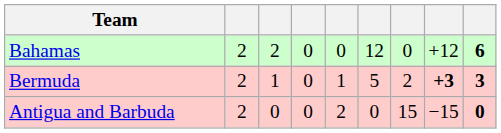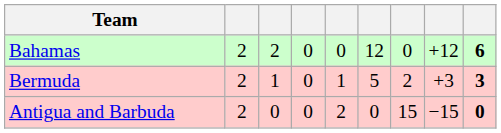 <table class="wikitable" style="text-align: center;">
 <tr>
 <th width="175">Team</th>
 <th width="20"></th>
 <th width="20"></th>
 <th width="20"></th>
 <th width="20"></th>
 <th width="20"></th>
 <th width="20"></th>
 <th width="20"></th>
 <th width="20"></th>
 </tr>
 <tr style="background:#ccffcc;">
 <td align=left> <a href='#'>Bahamas</a></td>
 <td>2</td>
 <td>2</td>
 <td>0</td>
 <td>0</td>
 <td>12</td>
 <td>0</td>
 <td>+12</td>
 <td><strong>6</strong></td>
 </tr>
 <tr style="background:#ffcccc;">
 <td align=left> <a href='#'>Bermuda</a></td>
 <td>2</td>
 <td>1</td>
 <td>0</td>
 <td>1</td>
 <td>5</td>
 <td>2</td>
-<td><strong>+3</strong></td>
+<td>+3</td>
 <td><strong>3</strong></td>
 </tr>
 <tr style="background:#ffcccc;">
 <td align=left> <a href='#'>Antigua and Barbuda</a></td>
 <td>2</td>
 <td>0</td>
 <td>0</td>
 <td>2</td>
 <td>0</td>
 <td>15</td>
 <td>−15</td>
 <td><strong>0</strong></td>
 </tr>
 </table>
